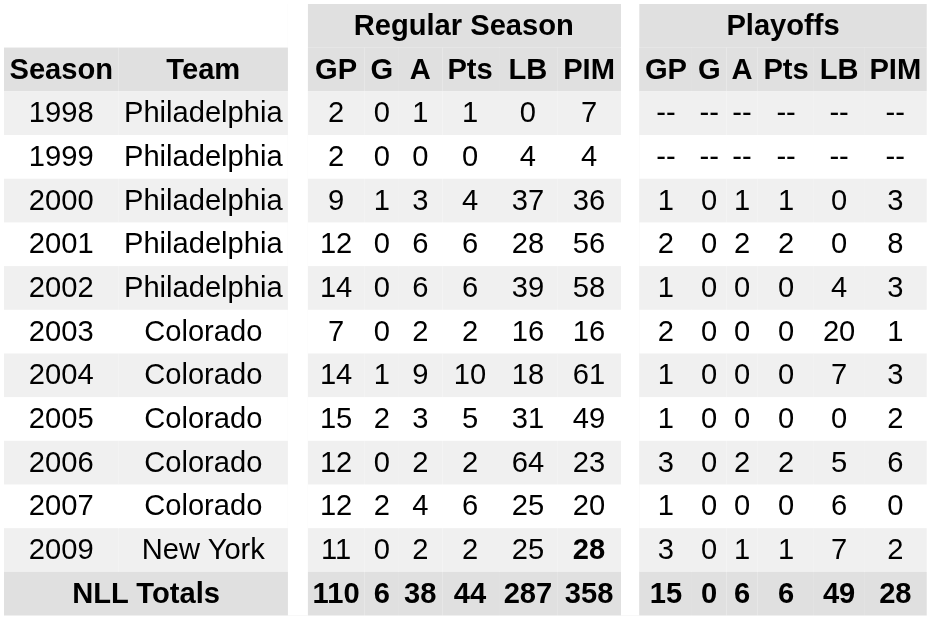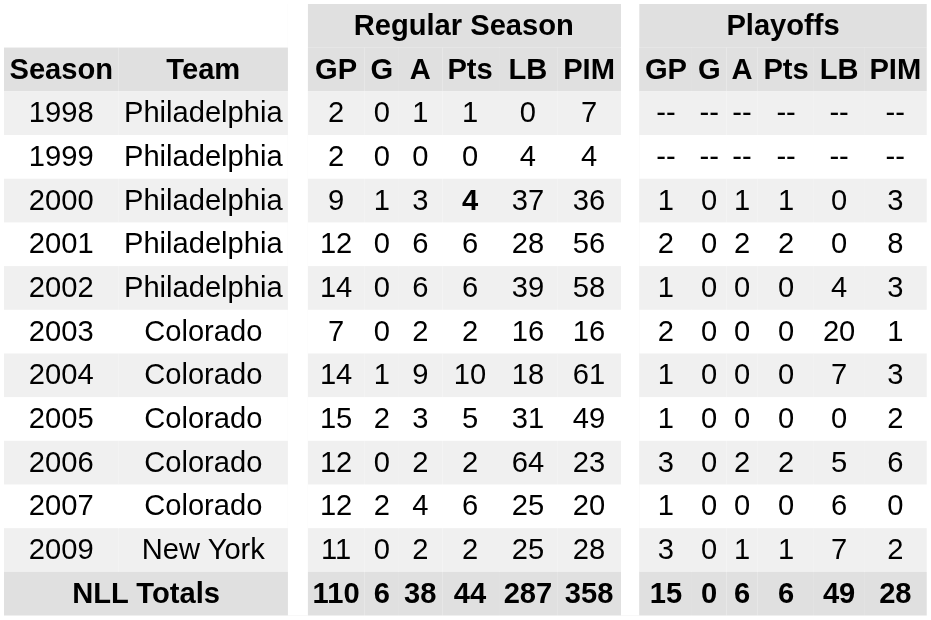 <table BORDER="0" CELLPADDING="3" CELLSPACING="0">
 <tr ALIGN="center" bgcolor="#e0e0e0">
 <th colspan="2" bgcolor="#ffffff"> </th>
 <th rowspan="99" bgcolor="#ffffff"> </th>
 <th colspan="6">Regular Season</th>
 <th rowspan="99" bgcolor="#ffffff"> </th>
 <th colspan="6">Playoffs</th>
 </tr>
 <tr ALIGN="center" bgcolor="#e0e0e0">
 <th>Season</th>
 <th>Team</th>
 <th>GP</th>
 <th>G</th>
 <th>A</th>
 <th>Pts</th>
 <th>LB</th>
 <th>PIM</th>
 <th>GP</th>
 <th>G</th>
 <th>A</th>
 <th>Pts</th>
 <th>LB</th>
 <th>PIM</th>
 </tr>
 <tr ALIGN="center" bgcolor="#f0f0f0">
 <td>1998</td>
 <td>Philadelphia</td>
 <td>2</td>
 <td>0</td>
 <td>1</td>
 <td>1</td>
 <td>0</td>
 <td>7</td>
 <td>--</td>
 <td>--</td>
 <td>--</td>
 <td>--</td>
 <td>--</td>
 <td>--</td>
 </tr>
 <tr ALIGN="center">
 <td>1999</td>
 <td>Philadelphia</td>
 <td>2</td>
 <td>0</td>
 <td>0</td>
 <td>0</td>
 <td>4</td>
 <td>4</td>
 <td>--</td>
 <td>--</td>
 <td>--</td>
 <td>--</td>
 <td>--</td>
 <td>--</td>
 </tr>
 <tr ALIGN="center" bgcolor="#f0f0f0">
 <td>2000</td>
 <td>Philadelphia</td>
 <td>9</td>
 <td>1</td>
 <td>3</td>
-<td>4</td>
+<td><strong>4</strong></td>
 <td>37</td>
 <td>36</td>
 <td>1</td>
 <td>0</td>
 <td>1</td>
 <td>1</td>
 <td>0</td>
 <td>3</td>
 </tr>
 <tr ALIGN="center">
 <td>2001</td>
 <td>Philadelphia</td>
 <td>12</td>
 <td>0</td>
 <td>6</td>
 <td>6</td>
 <td>28</td>
 <td>56</td>
 <td>2</td>
 <td>0</td>
 <td>2</td>
 <td>2</td>
 <td>0</td>
 <td>8</td>
 </tr>
 <tr ALIGN="center" bgcolor="#f0f0f0">
 <td>2002</td>
 <td>Philadelphia</td>
 <td>14</td>
 <td>0</td>
 <td>6</td>
 <td>6</td>
 <td>39</td>
 <td>58</td>
 <td>1</td>
 <td>0</td>
 <td>0</td>
 <td>0</td>
 <td>4</td>
 <td>3</td>
 </tr>
 <tr ALIGN="center">
 <td>2003</td>
 <td>Colorado</td>
 <td>7</td>
 <td>0</td>
 <td>2</td>
 <td>2</td>
 <td>16</td>
 <td>16</td>
 <td>2</td>
 <td>0</td>
 <td>0</td>
 <td>0</td>
 <td>20</td>
 <td>1</td>
 </tr>
 <tr ALIGN="center" bgcolor="#f0f0f0">
 <td>2004</td>
 <td>Colorado</td>
 <td>14</td>
 <td>1</td>
 <td>9</td>
 <td>10</td>
 <td>18</td>
 <td>61</td>
 <td>1</td>
 <td>0</td>
 <td>0</td>
 <td>0</td>
 <td>7</td>
 <td>3</td>
 </tr>
 <tr ALIGN="center">
 <td>2005</td>
 <td>Colorado</td>
 <td>15</td>
 <td>2</td>
 <td>3</td>
 <td>5</td>
 <td>31</td>
 <td>49</td>
 <td>1</td>
 <td>0</td>
 <td>0</td>
 <td>0</td>
 <td>0</td>
 <td>2</td>
 </tr>
 <tr ALIGN="center" bgcolor="#f0f0f0">
 <td>2006</td>
 <td>Colorado</td>
 <td>12</td>
 <td>0</td>
 <td>2</td>
 <td>2</td>
 <td>64</td>
 <td>23</td>
 <td>3</td>
 <td>0</td>
 <td>2</td>
 <td>2</td>
 <td>5</td>
 <td>6</td>
 </tr>
 <tr ALIGN="center">
 <td>2007</td>
 <td>Colorado</td>
 <td>12</td>
 <td>2</td>
 <td>4</td>
 <td>6</td>
 <td>25</td>
 <td>20</td>
 <td>1</td>
 <td>0</td>
 <td>0</td>
 <td>0</td>
 <td>6</td>
 <td>0</td>
 </tr>
 <tr ALIGN="center" bgcolor="#f0f0f0">
 <td>2009</td>
 <td>New York</td>
 <td>11</td>
 <td>0</td>
 <td>2</td>
 <td>2</td>
 <td>25</td>
-<td><strong>28</strong></td>
+<td>28</td>
 <td>3</td>
 <td>0</td>
 <td>1</td>
 <td>1</td>
 <td>7</td>
 <td>2</td>
 </tr>
 <tr ALIGN="center" bgcolor="#e0e0e0">
 <th colspan="2">NLL Totals</th>
 <th>110</th>
 <th>6</th>
 <th>38</th>
 <th>44</th>
 <th>287</th>
 <th>358</th>
 <th>15</th>
 <th>0</th>
 <th>6</th>
 <th>6</th>
 <th>49</th>
 <th>28</th>
 </tr>
 </table>
